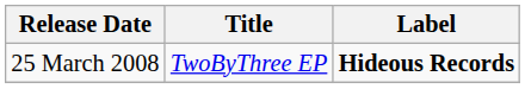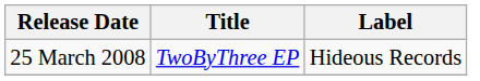 <table class="wikitable">
 <tr>
 <th>Release Date</th>
 <th>Title</th>
 <th>Label</th>
 </tr>
 <tr>
 <td>25 March 2008</td>
 <td><em><a href='#'>TwoByThree EP</a></em></td>
-<td><strong>Hideous Records</strong></td>
+<td>Hideous Records</td>
 </tr>
 <tr>
 </tr>
 </table>
